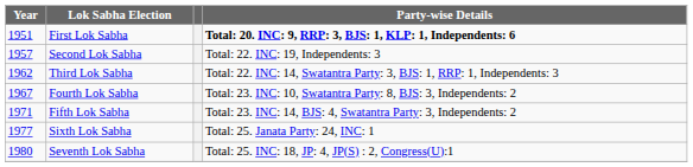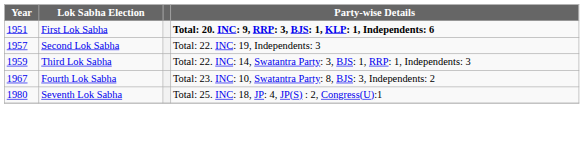 <table class="wikitable" width="70%" style="font-size: x-big; font-family: verdana">
 <tr>
 <th style="background-color:#666666; color:white">Year</th>
 <th style="background-color:#666666; color:white">Lok Sabha Election</th>
 <td style="background-color:#666666; width:4px"></td>
 <th style="background-color:#666666; color:white">Party-wise Details</th>
 </tr>
 <tr --->
 <td><a href='#'>1951</a></td>
 <td><a href='#'>First Lok Sabha</a></td>
 <th style="background-color: "></th>
 <td><strong>Total: 20. <a href='#'>INC</a>: 9, <a href='#'>RRP</a>: 3, <a href='#'>BJS</a>: 1, <a href='#'>KLP</a>: 1, Independents: 6</strong></td>
 </tr>
 <tr --->
 <td><a href='#'>1957</a></td>
 <td><a href='#'>Second Lok Sabha</a></td>
 <th style="background-color: "></th>
 <td>Total: 22. <a href='#'>INC</a>: 19, Independents: 3</td>
 </tr>
 <tr --->
-<td><a href='#'>1962</a></td>
+<td><a href='#'>1959</a></td>
 <td><a href='#'>Third Lok Sabha</a></td>
 <th style="background-color: "></th>
 <td>Total: 22. <a href='#'>INC</a>: 14, <a href='#'>Swatantra Party</a>: 3, <a href='#'>BJS</a>: 1, <a href='#'>RRP</a>: 1, Independents: 3</td>
 </tr>
 <tr --->
 <td><a href='#'>1967</a></td>
 <td><a href='#'>Fourth Lok Sabha</a></td>
 <th style="background-color: "></th>
 <td>Total: 23. <a href='#'>INC</a>: 10, <a href='#'>Swatantra Party</a>: 8, <a href='#'>BJS</a>: 3, Independents: 2</td>
 </tr>
 <tr --->
-<td><a href='#'>1971</a></td>
-<td><a href='#'>Fifth Lok Sabha</a></td>
-<th style="background-color: "></th>
-<td>Total: 23. <a href='#'>INC</a>: 14, <a href='#'>BJS</a>: 4, <a href='#'>Swatantra Party</a>: 3, Independents: 2</td>
-</tr>
-<tr --->
-<td><a href='#'>1977</a></td>
-<td><a href='#'>Sixth Lok Sabha</a></td>
-<th style="background-color: "></th>
-<td>Total: 25. <a href='#'>Janata Party</a>: 24, <a href='#'>INC</a>: 1</td>
-</tr>
-<tr --->
 <td><a href='#'>1980</a></td>
 <td><a href='#'>Seventh Lok Sabha</a></td>
 <th style="background-color: "></th>
 <td>Total: 25. <a href='#'>INC</a>: 18, <a href='#'>JP</a>: 4, <a href='#'>JP(S)</a> : 2, <a href='#'>Congress(U)</a>:1</td>
 </tr>
 <tr --->
 </tr>
 </table>
